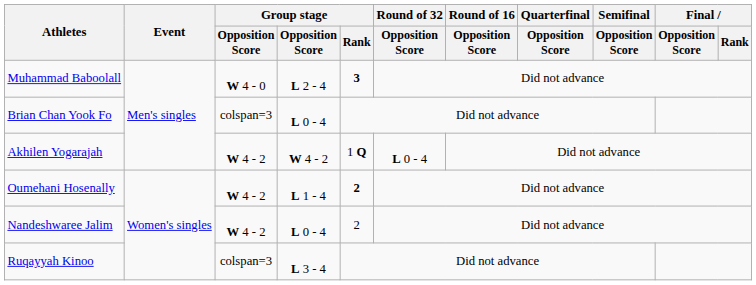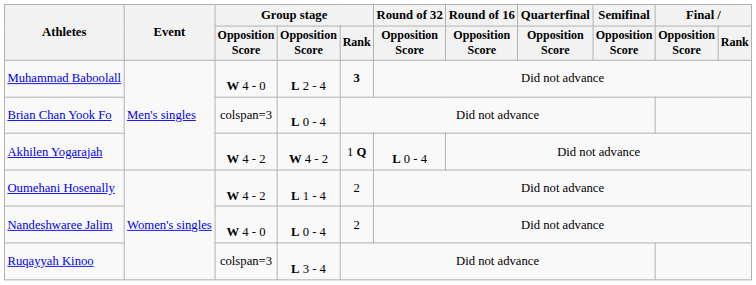 <table class=wikitable style=font-size:88%;text-align:center>
 <tr>
 <th rowspan=2>Athletes</th>
 <th rowspan=2>Event</th>
 <th colspan=3>Group stage</th>
 <th>Round of 32</th>
 <th>Round of 16</th>
 <th>Quarterfinal</th>
 <th>Semifinal</th>
 <th colspan=2>Final / </th>
 </tr>
 <tr style=font-size:95%>
 <th>Opposition<br>Score</th>
 <th>Opposition<br>Score</th>
 <th>Rank</th>
 <th>Opposition<br>Score</th>
 <th>Opposition<br>Score</th>
 <th>Opposition<br>Score</th>
 <th>Opposition<br>Score</th>
 <th>Opposition<br>Score</th>
 <th>Rank</th>
 </tr>
 <tr>
 <td align=left><a href='#'>Muhammad Baboolall</a></td>
 <td align=left rowspan=3><a href='#'>Men's singles</a></td>
 <td><br><strong>W</strong> 4 - 0</td>
 <td><br><strong>L</strong> 2 - 4</td>
 <td><strong>3</strong></td>
 <td colspan=6>Did not advance</td>
 </tr>
 <tr>
 <td align=left><a href='#'>Brian Chan Yook Fo</a></td>
 <td>colspan=3 </td>
 <td><br><strong>L</strong> 0 - 4</td>
 <td colspan=5>Did not advance</td>
 </tr>
 <tr>
 <td align=left><a href='#'>Akhilen Yogarajah</a></td>
 <td><br><strong>W</strong> 4 - 2</td>
 <td><br><strong>W</strong> 4 - 2</td>
 <td>1 <strong>Q</strong></td>
 <td><br><strong>L</strong> 0 - 4</td>
 <td colspan=5>Did not advance</td>
 </tr>
 <tr>
 <td align=left><a href='#'>Oumehani Hosenally</a></td>
 <td align=left rowspan=3><a href='#'>Women's singles</a></td>
 <td><br><strong>W</strong> 4 - 2</td>
 <td><br><strong>L</strong> 1 - 4</td>
-<td><strong>2</strong></td>
+<td>2</td>
 <td colspan=6>Did not advance</td>
 </tr>
 <tr>
 <td align=left><a href='#'>Nandeshwaree Jalim</a></td>
-<td><br><strong>W</strong> 4 - 2</td>
+<td><br><strong>W</strong> 4 - 0</td>
 <td><br><strong>L</strong> 0 - 4</td>
 <td>2</td>
 <td colspan=6>Did not advance</td>
 </tr>
 <tr>
 <td align=left><a href='#'>Ruqayyah Kinoo</a></td>
 <td>colspan=3 </td>
 <td><br><strong>L</strong> 3 - 4</td>
 <td colspan=5>Did not advance</td>
 </tr>
 </table>
